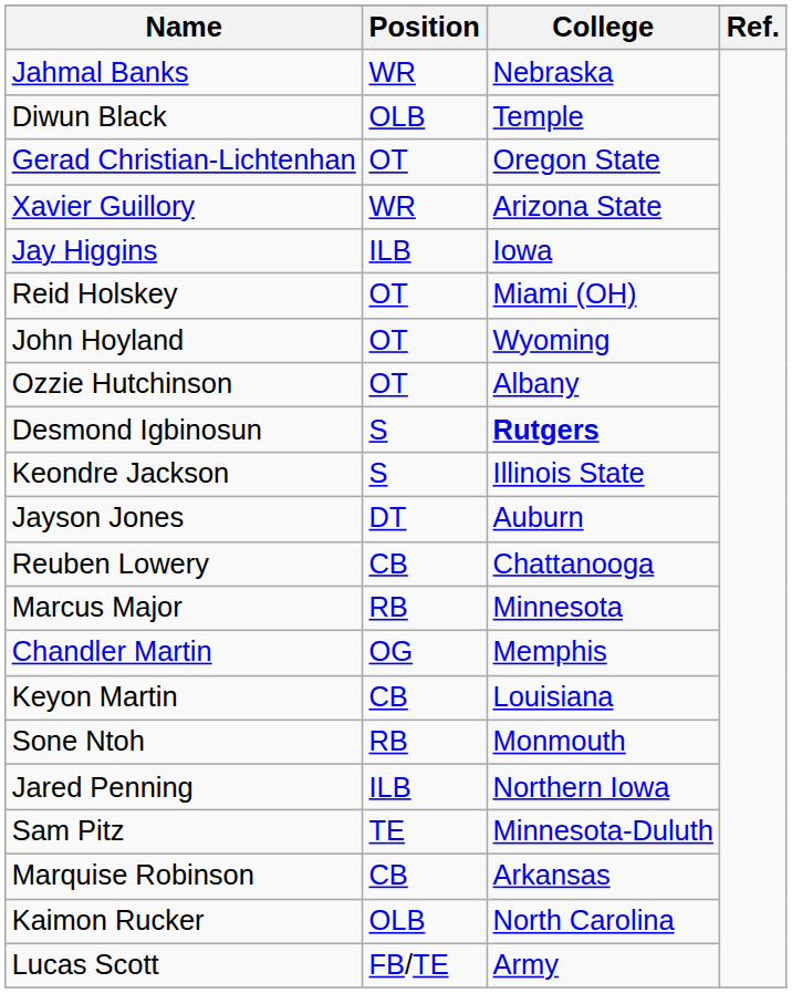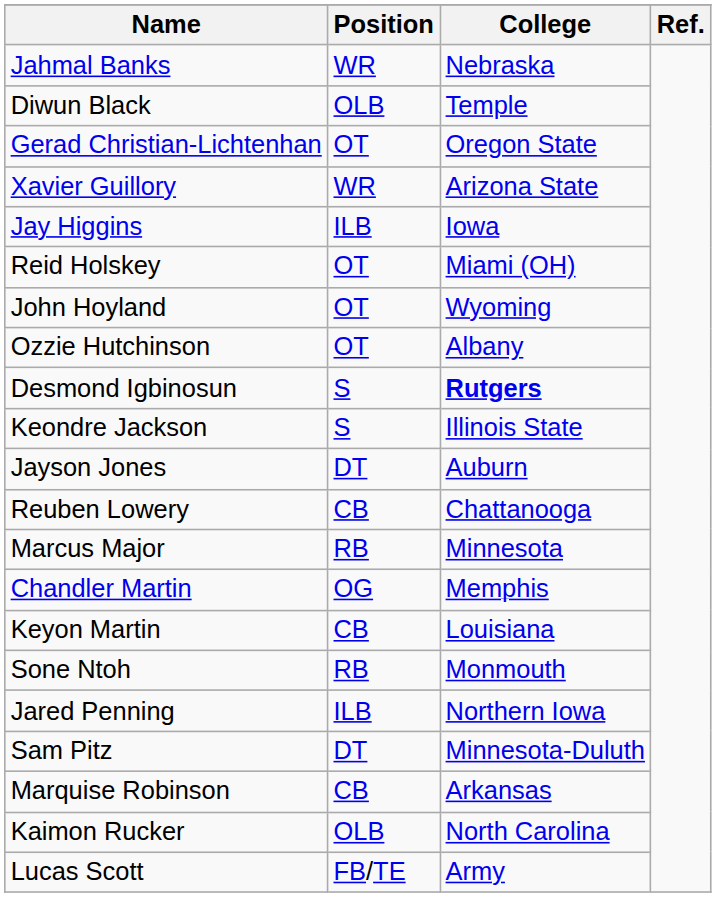 <table class="wikitable mw-collapsible">
 <tr>
 </tr>
 <tr>
 <th>Name</th>
 <th>Position</th>
 <th>College</th>
 <th>Ref.</th>
 </tr>
 <tr>
 <td><a href='#'>Jahmal Banks</a></td>
 <td><a href='#'>WR</a></td>
 <td><a href='#'>Nebraska</a></td>
 <td rowspan="21"></td>
 </tr>
 <tr>
 <td>Diwun Black</td>
 <td><a href='#'>OLB</a></td>
 <td><a href='#'>Temple</a></td>
 </tr>
 <tr>
 <td><a href='#'>Gerad Christian-Lichtenhan</a></td>
 <td><a href='#'>OT</a></td>
 <td><a href='#'>Oregon State</a></td>
 </tr>
 <tr>
 <td><a href='#'>Xavier Guillory</a></td>
 <td><a href='#'>WR</a></td>
 <td><a href='#'>Arizona State</a></td>
 </tr>
 <tr>
 <td><a href='#'>Jay Higgins</a></td>
 <td><a href='#'>ILB</a></td>
 <td><a href='#'>Iowa</a></td>
 </tr>
 <tr>
 <td>Reid Holskey</td>
 <td><a href='#'>OT</a></td>
 <td><a href='#'>Miami (OH)</a></td>
 </tr>
 <tr>
 <td>John Hoyland</td>
 <td><a href='#'>OT</a></td>
 <td><a href='#'>Wyoming</a></td>
 </tr>
 <tr>
 <td>Ozzie Hutchinson</td>
 <td><a href='#'>OT</a></td>
 <td><a href='#'>Albany</a></td>
 </tr>
 <tr>
 <td>Desmond Igbinosun</td>
 <td><a href='#'>S</a></td>
 <td><strong><a href='#'>Rutgers</a></strong></td>
 </tr>
 <tr>
 <td>Keondre Jackson</td>
 <td><a href='#'>S</a></td>
 <td><a href='#'>Illinois State</a></td>
 </tr>
 <tr>
 <td>Jayson Jones</td>
 <td><a href='#'>DT</a></td>
 <td><a href='#'>Auburn</a></td>
 </tr>
 <tr>
 <td>Reuben Lowery</td>
 <td><a href='#'>CB</a></td>
 <td><a href='#'>Chattanooga</a></td>
 </tr>
 <tr>
 <td>Marcus Major</td>
 <td><a href='#'>RB</a></td>
 <td><a href='#'>Minnesota</a></td>
 </tr>
 <tr>
 <td><a href='#'>Chandler Martin</a></td>
 <td><a href='#'>OG</a></td>
 <td><a href='#'>Memphis</a></td>
 </tr>
 <tr>
 <td>Keyon Martin</td>
 <td><a href='#'>CB</a></td>
 <td><a href='#'>Louisiana</a></td>
 </tr>
 <tr>
 <td>Sone Ntoh</td>
 <td><a href='#'>RB</a></td>
 <td><a href='#'>Monmouth</a></td>
 </tr>
 <tr>
 <td>Jared Penning</td>
 <td><a href='#'>ILB</a></td>
 <td><a href='#'>Northern Iowa</a></td>
 </tr>
 <tr>
 <td>Sam Pitz</td>
-<td><a href='#'>TE</a></td>
+<td><a href='#'>DT</a></td>
 <td><a href='#'>Minnesota-Duluth</a></td>
 </tr>
 <tr>
 <td>Marquise Robinson</td>
 <td><a href='#'>CB</a></td>
 <td><a href='#'>Arkansas</a></td>
 </tr>
 <tr>
 <td>Kaimon Rucker</td>
 <td><a href='#'>OLB</a></td>
 <td><a href='#'>North Carolina</a></td>
 </tr>
 <tr>
 <td>Lucas Scott</td>
 <td><a href='#'>FB</a>/<a href='#'>TE</a></td>
 <td><a href='#'>Army</a></td>
 </tr>
 </table>
